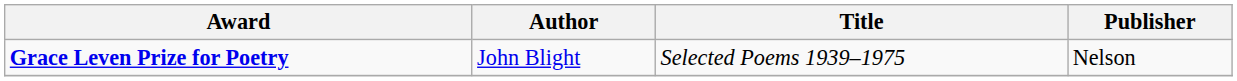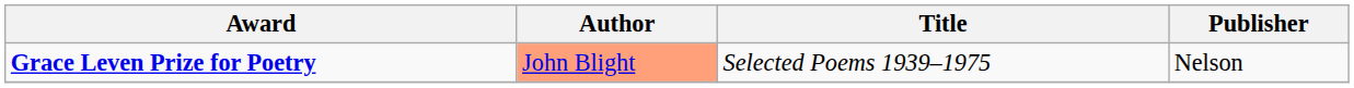 <table class="wikitable" width=100%>
 <tr>
 <th>Award</th>
 <th>Author</th>
 <th>Title</th>
 <th>Publisher</th>
 </tr>
 <tr>
 <td><strong><a href='#'>Grace Leven Prize for Poetry</a></strong></td>
-<td><a href='#'>John Blight</a></td>
+<td style="background: lightsalmon;"><a href='#'>John Blight</a></td>
 <td><em>Selected Poems 1939–1975</em></td>
 <td>Nelson</td>
 </tr>
 <tr>
 </tr>
 </table>
